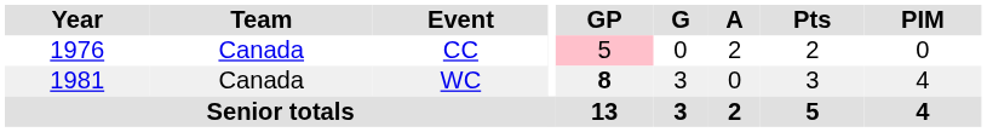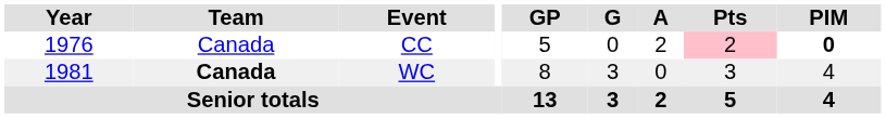 <table border="0" cellpadding="1" cellspacing="0" ID="Table3" style="text-align:center; width:40em">
 <tr bgcolor="#e0e0e0">
 <th>Year</th>
 <th>Team</th>
 <th>Event</th>
 <th rowspan="102" bgcolor="#ffffff"></th>
 <th>GP</th>
 <th>G</th>
 <th>A</th>
 <th>Pts</th>
 <th>PIM</th>
 </tr>
 <tr>
 <td><a href='#'>1976</a></td>
 <td><a href='#'>Canada</a></td>
 <td><a href='#'>CC</a></td>
-<td style="background: pink;">5</td>
+<td>5</td>
 <td>0</td>
 <td>2</td>
-<td>2</td>
-<td>0</td>
+<td style="background: pink;">2</td>
+<td><strong>0</strong></td>
 </tr>
 <tr bgcolor="#f0f0f0">
 <td><a href='#'>1981</a></td>
-<td>Canada</td>
+<td><strong>Canada</strong></td>
 <td><a href='#'>WC</a></td>
-<td><strong>8</strong></td>
+<td>8</td>
 <td>3</td>
 <td>0</td>
 <td>3</td>
 <td>4</td>
 </tr>
 <tr bgcolor="#e0e0e0">
 <th colspan="4">Senior totals</th>
 <th>13</th>
 <th>3</th>
 <th>2</th>
 <th>5</th>
 <th>4</th>
 </tr>
 </table>
